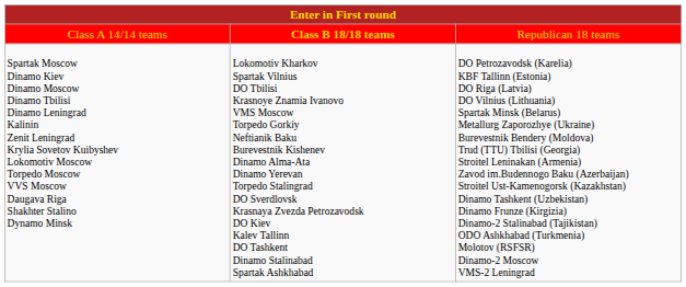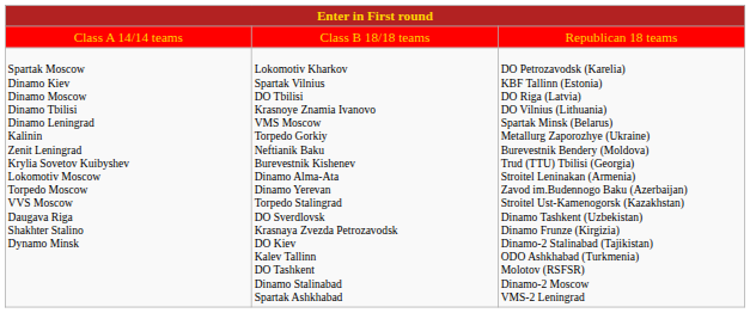 <table class="wikitable" style="width:100%;">
 <tr style="background:Firebrick; text-align:center;">
 <td style="width:90%; color:Gold" colspan="3"><strong>Enter in First round</strong></td>
 </tr>
 <tr style="background:Red;">
 <td style="text-align:center; width:30%; color:Gold" colspan=1>Class A 14/14 teams</td>
-<td style="text-align:center; width:30%; color:Gold" colspan=1><strong>Class B 18/18 teams</strong></td>
+<td style="text-align:center; width:30%; color:Gold" colspan=1>Class B 18/18 teams</td>
 <td style="text-align:center; width:30%; color:Gold" colspan=1>Republican 18 teams</td>
 </tr>
 <tr style="vertical-align:top; font-size:85%;">
 <td rowspan=3><br> Spartak Moscow<br>  Dinamo Kiev<br>  Dinamo Moscow<br>  Dinamo Tbilisi<br>  Dinamo Leningrad<br>  Kalinin<br>  Zenit Leningrad<br>  Krylia Sovetov Kuibyshev<br>  Lokomotiv Moscow<br>  Torpedo Moscow<br>  VVS Moscow<br>  Daugava Riga<br>  Shakhter Stalino<br>  Dynamo Minsk<br></td>
 <td><br> Lokomotiv Kharkov<br>  Spartak Vilnius<br>  DO Tbilisi<br>  Krasnoye Znamia Ivanovo<br>  VMS Moscow<br>  Torpedo Gorkiy<br>  Neftianik Baku<br>  Burevestnik Kishenev<br>  Dinamo Alma-Ata<br>  Dinamo Yerevan<br>  Torpedo Stalingrad<br>  DO Sverdlovsk<br>  Krasnaya Zvezda Petrozavodsk<br>  DO Kiev<br>  Kalev Tallinn<br>  DO Tashkent<br>  Dinamo Stalinabad<br>  Spartak Ashkhabad<br></td>
 <td><br> DO Petrozavodsk (Karelia)<br>  KBF Tallinn (Estonia)<br>  DO Riga (Latvia)<br>  DO Vilnius (Lithuania)<br>  Spartak Minsk (Belarus)<br>  Metallurg Zaporozhye (Ukraine)<br>  Burevestnik Bendery (Moldova)<br>  Trud (TTU) Tbilisi (Georgia)<br>  Stroitel Leninakan (Armenia)<br>  Zavod im.Budennogo Baku (Azerbaijan)<br>  Stroitel Ust-Kamenogorsk (Kazakhstan)<br>  Dinamo Tashkent (Uzbekistan)<br>  Dinamo Frunze (Kirgizia)<br>  Dinamo-2 Stalinabad (Tajikistan)<br>  ODO Ashkhabad (Turkmenia)<br>  Molotov (RSFSR)<br>  Dinamo-2 Moscow<br>  VMS-2 Leningrad<br></td>
 </tr>
 </table>
